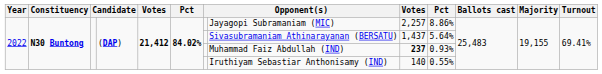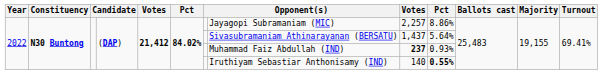 <table class="wikitable" style="margin:0.5em ; font-size:95%">
 <tr>
 <th>Year</th>
 <th>Constituency</th>
 <th colspan=2>Candidate</th>
 <th>Votes</th>
 <th>Pct</th>
 <th colspan=2>Opponent(s)</th>
 <th>Votes</th>
 <th>Pct</th>
 <th>Ballots cast</th>
 <th>Majority</th>
 <th>Turnout</th>
 </tr>
 <tr>
 <td rowspan=4><a href='#'>2022</a></td>
 <td rowspan=4><strong>N30 <a href='#'>Buntong</a></strong></td>
 <td rowspan=4 ></td>
 <td rowspan=4> (<a href='#'><strong>DAP</strong></a>)</td>
 <td rowspan=4 align=right><strong>21,412</strong></td>
 <td rowspan=4><strong>84.02%</strong></td>
 <td></td>
 <td>Jayagopi Subramaniam (<a href='#'>MIC</a>)</td>
 <td align=right>2,257</td>
 <td align=right>8.86%</td>
 <td rowspan=4>25,483</td>
 <td rowspan=4>19,155</td>
 <td rowspan=4>69.41%</td>
 </tr>
 <tr>
 <td bgcolor=></td>
 <td><a href='#'>Sivasubramaniam Athinarayanan</a> (<a href='#'>BERSATU</a>)</td>
 <td align=right>1,437</td>
 <td align=right>5.64%</td>
 </tr>
 <tr>
 <td></td>
 <td>Muhammad Faiz Abdullah (<a href='#'>IND</a>)</td>
 <td align=right><strong>237</strong></td>
 <td align=right>0.93%</td>
 </tr>
 <tr>
 <td></td>
 <td>Iruthiyam Sebastiar Anthonisamy (<a href='#'>IND</a>)</td>
 <td align=right>140</td>
-<td align=right>0.55%</td>
+<td align=right><strong>0.55%</strong></td>
 </tr>
 </table>
